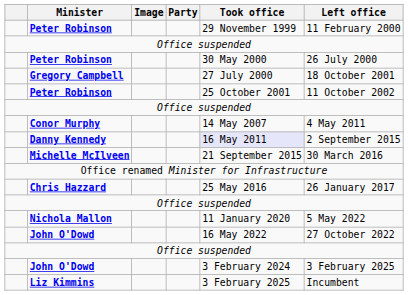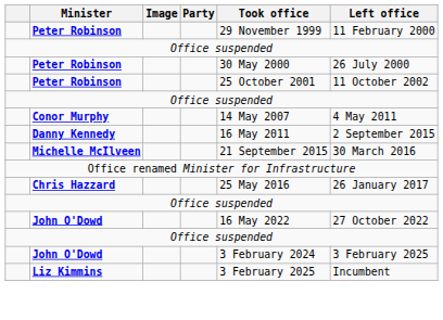 <table class="wikitable" style="margin: 1em auto 1em auto">
 <tr bgcolor=cccccc>
 <th></th>
 <th>Minister</th>
 <th>Image</th>
 <th>Party</th>
 <th>Took office</th>
 <th>Left office</th>
 </tr>
 <tr>
 <td style="background:">   </td>
 <td><strong><a href='#'>Peter Robinson</a></strong></td>
 <td></td>
 <td></td>
 <td>29 November 1999</td>
 <td>11 February 2000</td>
 </tr>
 <tr>
 <td colspan="6" align="center"><em>Office suspended</em></td>
 </tr>
 <tr>
 <td style="background:">   </td>
 <td><strong><a href='#'>Peter Robinson</a></strong></td>
 <td></td>
 <td></td>
 <td>30 May 2000</td>
 <td>26 July 2000</td>
 </tr>
 <tr>
 <td style="background:">   </td>
-<td><strong><a href='#'>Gregory Campbell</a></strong></td>
-<td></td>
-<td></td>
-<td>27 July 2000</td>
-<td>18 October 2001</td>
-</tr>
-<tr>
-<td style="background:">   </td>
 <td><strong><a href='#'>Peter Robinson</a></strong></td>
 <td></td>
 <td></td>
 <td>25 October 2001</td>
 <td>11 October 2002</td>
 </tr>
 <tr>
 <td colspan="6" align="center"><em>Office suspended</em></td>
 </tr>
 <tr>
 <td style="background:">   </td>
 <td><strong><a href='#'>Conor Murphy</a></strong></td>
 <td></td>
 <td></td>
 <td>14 May 2007</td>
 <td>4 May 2011</td>
 </tr>
 <tr>
 <td style="background:">   </td>
 <td><strong><a href='#'>Danny Kennedy</a></strong></td>
 <td></td>
 <td></td>
-<td style="background: lavender;">16 May 2011</td>
+<td>16 May 2011</td>
 <td>2 September 2015</td>
 </tr>
 <tr>
 <td style="background:">   </td>
 <td><strong><a href='#'>Michelle McIlveen</a></strong></td>
 <td></td>
 <td></td>
 <td>21 September 2015</td>
 <td>30 March 2016</td>
 </tr>
 <tr>
 <td colspan="6" align="center">Office renamed <em>Minister for Infrastructure</em></td>
 </tr>
 <tr>
 <td style="background:">   </td>
 <td><strong><a href='#'>Chris Hazzard</a></strong></td>
 <td></td>
 <td></td>
 <td>25 May 2016</td>
 <td>26 January 2017</td>
 </tr>
 <tr>
 <td colspan="6" align="center"><em>Office suspended</em></td>
-</tr>
-<tr>
-<td style="background:">   </td>
-<td><strong><a href='#'>Nichola Mallon</a></strong></td>
-<td></td>
-<td></td>
-<td>11 January 2020</td>
-<td>5 May 2022</td>
 </tr>
 <tr>
 <td style="background:">   </td>
 <td><strong><a href='#'>John O'Dowd</a></strong></td>
 <td></td>
 <td></td>
 <td>16 May 2022</td>
 <td>27 October 2022</td>
 </tr>
 <tr>
 <td colspan="6" align="center"><em>Office suspended</em></td>
 </tr>
 <tr>
 <td style="background:">   </td>
 <td><strong><a href='#'>John O'Dowd</a></strong></td>
 <td></td>
 <td></td>
 <td>3 February 2024</td>
 <td>3 February 2025</td>
 </tr>
 <tr>
 <td style="background:">   </td>
 <td><strong><a href='#'>Liz Kimmins</a></strong></td>
 <td></td>
 <td></td>
 <td>3 February 2025</td>
 <td>Incumbent</td>
 </tr>
 </table>
